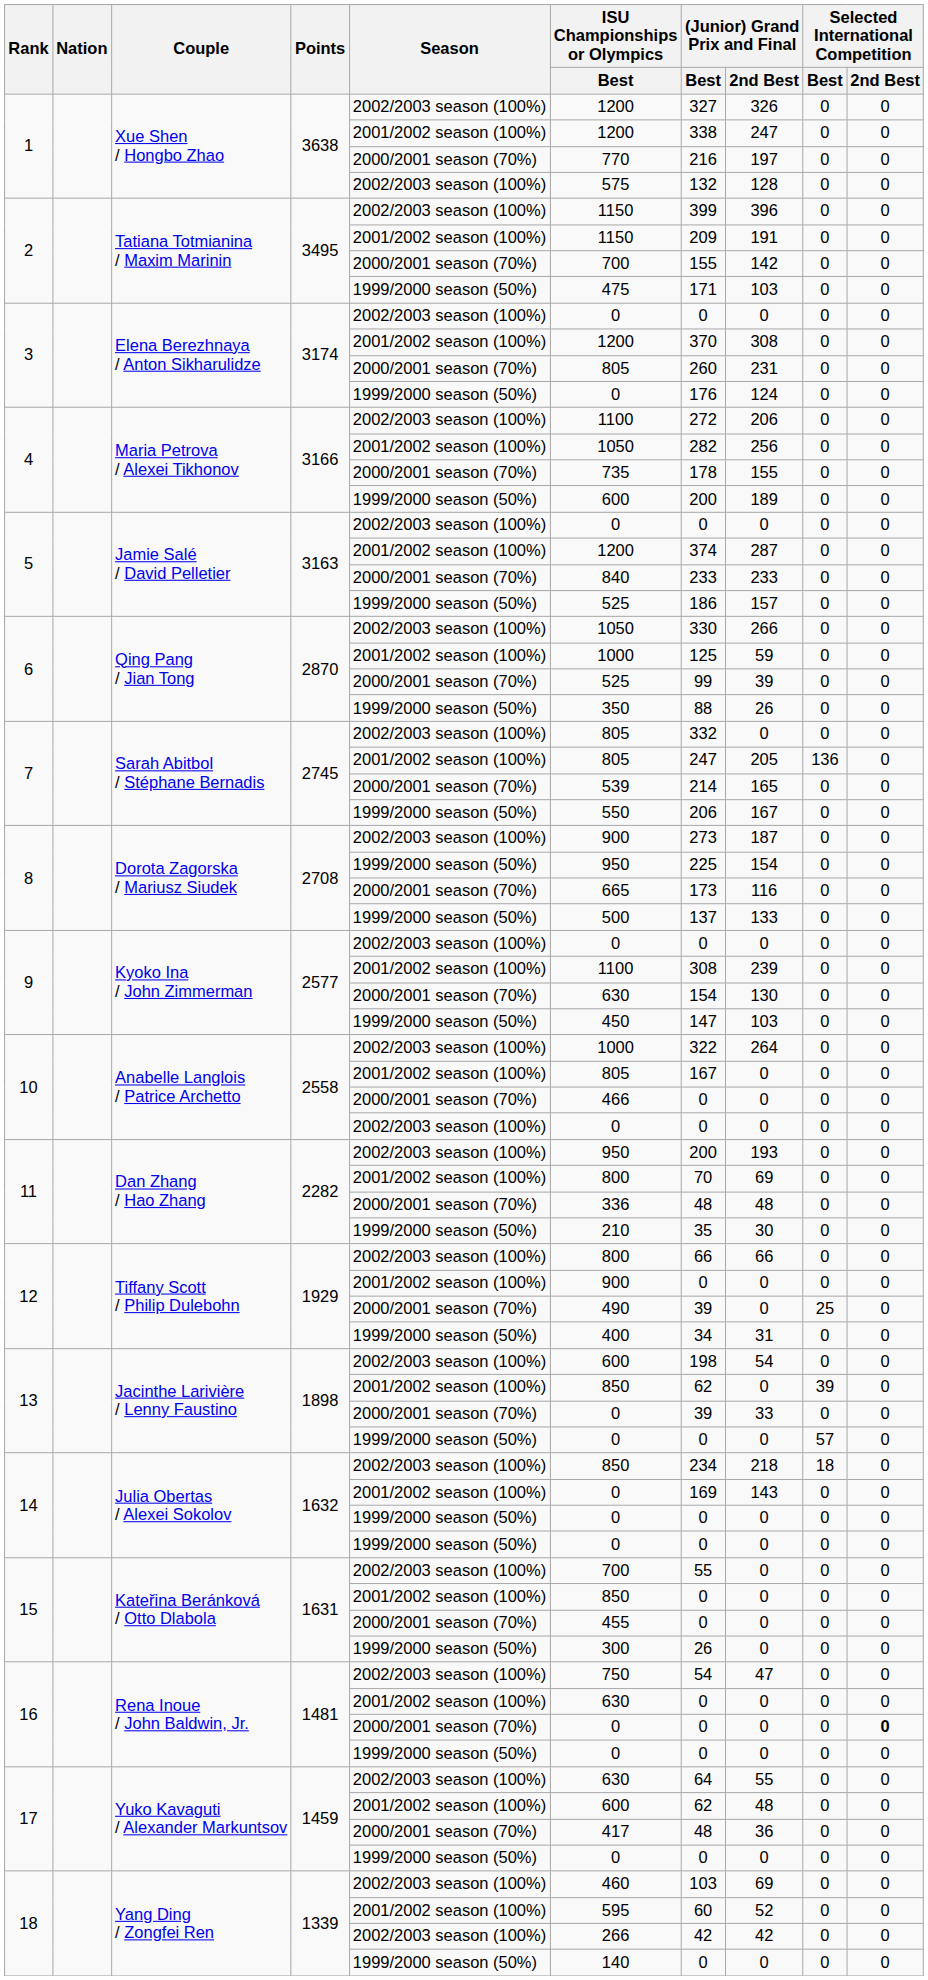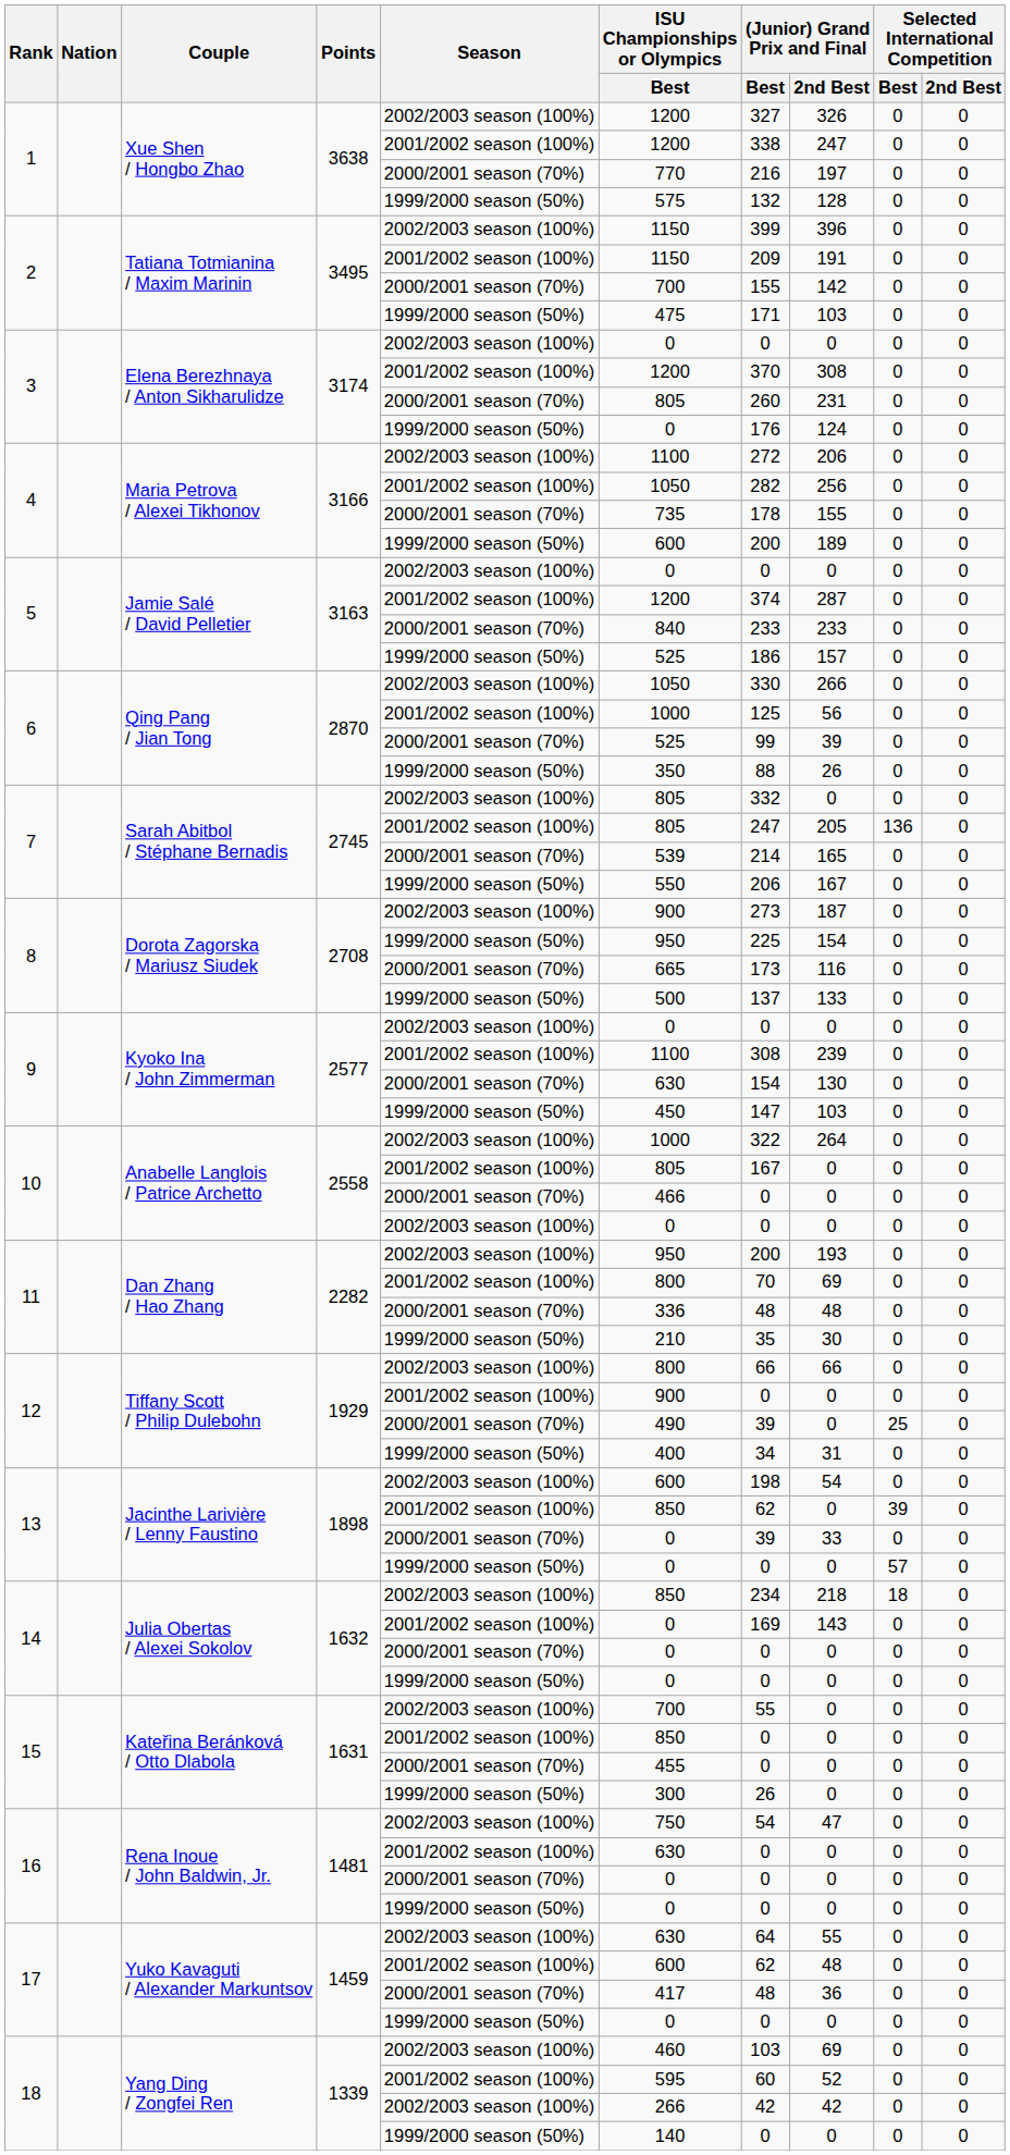 <table class="wikitable sortable" style="text-align: center;">
 <tr>
 <th rowspan="2">Rank</th>
 <th rowspan="2">Nation</th>
 <th rowspan="2">Couple</th>
 <th rowspan="2">Points</th>
 <th rowspan="2">Season</th>
 <th>ISU <br> Championships <br> or Olympics</th>
 <th colspan="2">(Junior) Grand <br> Prix and Final</th>
 <th colspan="2">Selected <br> International <br> Competition</th>
 </tr>
 <tr>
 <th>Best</th>
 <th>Best</th>
 <th>2nd Best</th>
 <th>Best</th>
 <th>2nd Best</th>
 </tr>
 <tr>
 <td rowspan="4">1</td>
 <td rowspan="4" style="text-align: left;"></td>
 <td rowspan="4" style="text-align: left;"><a href='#'>Xue Shen</a> <br>/ <a href='#'>Hongbo Zhao</a></td>
 <td rowspan="4">3638</td>
 <td style="text-align: left;">2002/2003 season (100%)</td>
 <td>1200</td>
 <td>327</td>
 <td>326</td>
 <td>0</td>
 <td>0</td>
 </tr>
 <tr>
 <td style="text-align: left;">2001/2002 season (100%)</td>
 <td>1200</td>
 <td>338</td>
 <td>247</td>
 <td>0</td>
 <td>0</td>
 </tr>
 <tr>
 <td style="text-align: left;">2000/2001 season (70%)</td>
 <td>770</td>
 <td>216</td>
 <td>197</td>
 <td>0</td>
 <td>0</td>
 </tr>
 <tr>
-<td style="text-align: left;">2002/2003 season (100%)</td>
+<td style="text-align: left;">1999/2000 season (50%)</td>
 <td>575</td>
 <td>132</td>
 <td>128</td>
 <td>0</td>
 <td>0</td>
 </tr>
 <tr>
 <td rowspan="4">2</td>
 <td rowspan="4" style="text-align: left;"></td>
 <td rowspan="4" style="text-align: left;"><a href='#'>Tatiana Totmianina</a> <br>/ <a href='#'>Maxim Marinin</a></td>
 <td rowspan="4">3495</td>
 <td style="text-align: left;">2002/2003 season (100%)</td>
 <td>1150</td>
 <td>399</td>
 <td>396</td>
 <td>0</td>
 <td>0</td>
 </tr>
 <tr>
 <td style="text-align: left;">2001/2002 season (100%)</td>
 <td>1150</td>
 <td>209</td>
 <td>191</td>
 <td>0</td>
 <td>0</td>
 </tr>
 <tr>
 <td style="text-align: left;">2000/2001 season (70%)</td>
 <td>700</td>
 <td>155</td>
 <td>142</td>
 <td>0</td>
 <td>0</td>
 </tr>
 <tr>
 <td style="text-align: left;">1999/2000 season (50%)</td>
 <td>475</td>
 <td>171</td>
 <td>103</td>
 <td>0</td>
 <td>0</td>
 </tr>
 <tr>
 <td rowspan="4">3</td>
 <td rowspan="4" style="text-align: left;"></td>
 <td rowspan="4" style="text-align: left;"><a href='#'>Elena Berezhnaya</a> <br>/ <a href='#'>Anton Sikharulidze</a></td>
 <td rowspan="4">3174</td>
 <td style="text-align: left;">2002/2003 season (100%)</td>
 <td>0</td>
 <td>0</td>
 <td>0</td>
 <td>0</td>
 <td>0</td>
 </tr>
 <tr>
 <td style="text-align: left;">2001/2002 season (100%)</td>
 <td>1200</td>
 <td>370</td>
 <td>308</td>
 <td>0</td>
 <td>0</td>
 </tr>
 <tr>
 <td style="text-align: left;">2000/2001 season (70%)</td>
 <td>805</td>
 <td>260</td>
 <td>231</td>
 <td>0</td>
 <td>0</td>
 </tr>
 <tr>
 <td style="text-align: left;">1999/2000 season (50%)</td>
 <td>0</td>
 <td>176</td>
 <td>124</td>
 <td>0</td>
 <td>0</td>
 </tr>
 <tr>
 <td rowspan="4">4</td>
 <td rowspan="4" style="text-align: left;"></td>
 <td rowspan="4" style="text-align: left;"><a href='#'>Maria Petrova</a> <br>/ <a href='#'>Alexei Tikhonov</a></td>
 <td rowspan="4">3166</td>
 <td style="text-align: left;">2002/2003 season (100%)</td>
 <td>1100</td>
 <td>272</td>
 <td>206</td>
 <td>0</td>
 <td>0</td>
 </tr>
 <tr>
 <td style="text-align: left;">2001/2002 season (100%)</td>
 <td>1050</td>
 <td>282</td>
 <td>256</td>
 <td>0</td>
 <td>0</td>
 </tr>
 <tr>
 <td style="text-align: left;">2000/2001 season (70%)</td>
 <td>735</td>
 <td>178</td>
 <td>155</td>
 <td>0</td>
 <td>0</td>
 </tr>
 <tr>
 <td style="text-align: left;">1999/2000 season (50%)</td>
 <td>600</td>
 <td>200</td>
 <td>189</td>
 <td>0</td>
 <td>0</td>
 </tr>
 <tr>
 <td rowspan="4">5</td>
 <td rowspan="4" style="text-align: left;"></td>
 <td rowspan="4" style="text-align: left;"><a href='#'>Jamie Salé</a> <br>/ <a href='#'>David Pelletier</a></td>
 <td rowspan="4">3163</td>
 <td style="text-align: left;">2002/2003 season (100%)</td>
 <td>0</td>
 <td>0</td>
 <td>0</td>
 <td>0</td>
 <td>0</td>
 </tr>
 <tr>
 <td style="text-align: left;">2001/2002 season (100%)</td>
 <td>1200</td>
 <td>374</td>
 <td>287</td>
 <td>0</td>
 <td>0</td>
 </tr>
 <tr>
 <td style="text-align: left;">2000/2001 season (70%)</td>
 <td>840</td>
 <td>233</td>
 <td>233</td>
 <td>0</td>
 <td>0</td>
 </tr>
 <tr>
 <td style="text-align: left;">1999/2000 season (50%)</td>
 <td>525</td>
 <td>186</td>
 <td>157</td>
 <td>0</td>
 <td>0</td>
 </tr>
 <tr>
 <td rowspan="4">6</td>
 <td rowspan="4" style="text-align: left;"></td>
 <td rowspan="4" style="text-align: left;"><a href='#'>Qing Pang</a> <br>/ <a href='#'>Jian Tong</a></td>
 <td rowspan="4">2870</td>
 <td style="text-align: left;">2002/2003 season (100%)</td>
 <td>1050</td>
 <td>330</td>
 <td>266</td>
 <td>0</td>
 <td>0</td>
 </tr>
 <tr>
 <td style="text-align: left;">2001/2002 season (100%)</td>
 <td>1000</td>
 <td>125</td>
-<td>59</td>
+<td>56</td>
 <td>0</td>
 <td>0</td>
 </tr>
 <tr>
 <td style="text-align: left;">2000/2001 season (70%)</td>
 <td>525</td>
 <td>99</td>
 <td>39</td>
 <td>0</td>
 <td>0</td>
 </tr>
 <tr>
 <td style="text-align: left;">1999/2000 season (50%)</td>
 <td>350</td>
 <td>88</td>
 <td>26</td>
 <td>0</td>
 <td>0</td>
 </tr>
 <tr>
 <td rowspan="4">7</td>
 <td rowspan="4" style="text-align: left;"></td>
 <td rowspan="4" style="text-align: left;"><a href='#'>Sarah Abitbol</a> <br>/ <a href='#'>Stéphane Bernadis</a></td>
 <td rowspan="4">2745</td>
 <td style="text-align: left;">2002/2003 season (100%)</td>
 <td>805</td>
 <td>332</td>
 <td>0</td>
 <td>0</td>
 <td>0</td>
 </tr>
 <tr>
 <td style="text-align: left;">2001/2002 season (100%)</td>
 <td>805</td>
 <td>247</td>
 <td>205</td>
 <td>136</td>
 <td>0</td>
 </tr>
 <tr>
 <td style="text-align: left;">2000/2001 season (70%)</td>
 <td>539</td>
 <td>214</td>
 <td>165</td>
 <td>0</td>
 <td>0</td>
 </tr>
 <tr>
 <td style="text-align: left;">1999/2000 season (50%)</td>
 <td>550</td>
 <td>206</td>
 <td>167</td>
 <td>0</td>
 <td>0</td>
 </tr>
 <tr>
 <td rowspan="4">8</td>
 <td rowspan="4" style="text-align: left;"></td>
 <td rowspan="4" style="text-align: left;"><a href='#'>Dorota Zagorska</a> <br>/ <a href='#'>Mariusz Siudek</a></td>
 <td rowspan="4">2708</td>
 <td style="text-align: left;">2002/2003 season (100%)</td>
 <td>900</td>
 <td>273</td>
 <td>187</td>
 <td>0</td>
 <td>0</td>
 </tr>
 <tr>
 <td style="text-align: left;">1999/2000 season (50%)</td>
 <td>950</td>
 <td>225</td>
 <td>154</td>
 <td>0</td>
 <td>0</td>
 </tr>
 <tr>
 <td style="text-align: left;">2000/2001 season (70%)</td>
 <td>665</td>
 <td>173</td>
 <td>116</td>
 <td>0</td>
 <td>0</td>
 </tr>
 <tr>
 <td style="text-align: left;">1999/2000 season (50%)</td>
 <td>500</td>
 <td>137</td>
 <td>133</td>
 <td>0</td>
 <td>0</td>
 </tr>
 <tr>
 <td rowspan="4">9</td>
 <td rowspan="4" style="text-align: left;"></td>
 <td rowspan="4" style="text-align: left;"><a href='#'>Kyoko Ina</a> <br>/ <a href='#'>John Zimmerman</a></td>
 <td rowspan="4">2577</td>
 <td style="text-align: left;">2002/2003 season (100%)</td>
 <td>0</td>
 <td>0</td>
 <td>0</td>
 <td>0</td>
 <td>0</td>
 </tr>
 <tr>
 <td style="text-align: left;">2001/2002 season (100%)</td>
 <td>1100</td>
 <td>308</td>
 <td>239</td>
 <td>0</td>
 <td>0</td>
 </tr>
 <tr>
 <td style="text-align: left;">2000/2001 season (70%)</td>
 <td>630</td>
 <td>154</td>
 <td>130</td>
 <td>0</td>
 <td>0</td>
 </tr>
 <tr>
 <td style="text-align: left;">1999/2000 season (50%)</td>
 <td>450</td>
 <td>147</td>
 <td>103</td>
 <td>0</td>
 <td>0</td>
 </tr>
 <tr>
 <td rowspan="4">10</td>
 <td rowspan="4" style="text-align: left;"></td>
 <td rowspan="4" style="text-align: left;"><a href='#'>Anabelle Langlois</a> <br>/ <a href='#'>Patrice Archetto</a></td>
 <td rowspan="4">2558</td>
 <td style="text-align: left;">2002/2003 season (100%)</td>
 <td>1000</td>
 <td>322</td>
 <td>264</td>
 <td>0</td>
 <td>0</td>
 </tr>
 <tr>
 <td style="text-align: left;">2001/2002 season (100%)</td>
 <td>805</td>
 <td>167</td>
 <td>0</td>
 <td>0</td>
 <td>0</td>
 </tr>
 <tr>
 <td style="text-align: left;">2000/2001 season (70%)</td>
 <td>466</td>
 <td>0</td>
 <td>0</td>
 <td>0</td>
 <td>0</td>
 </tr>
 <tr>
 <td style="text-align: left;">2002/2003 season (100%)</td>
 <td>0</td>
 <td>0</td>
 <td>0</td>
 <td>0</td>
 <td>0</td>
 </tr>
 <tr>
 <td rowspan="4">11</td>
 <td rowspan="4" style="text-align: left;"></td>
 <td rowspan="4" style="text-align: left;"><a href='#'>Dan Zhang</a> <br>/ <a href='#'>Hao Zhang</a></td>
 <td rowspan="4">2282</td>
 <td style="text-align: left;">2002/2003 season (100%)</td>
 <td>950</td>
 <td>200</td>
 <td>193</td>
 <td>0</td>
 <td>0</td>
 </tr>
 <tr>
 <td style="text-align: left;">2001/2002 season (100%)</td>
 <td>800</td>
 <td>70</td>
 <td>69</td>
 <td>0</td>
 <td>0</td>
 </tr>
 <tr>
 <td style="text-align: left;">2000/2001 season (70%)</td>
 <td>336</td>
 <td>48</td>
 <td>48</td>
 <td>0</td>
 <td>0</td>
 </tr>
 <tr>
 <td style="text-align: left;">1999/2000 season (50%)</td>
 <td>210</td>
 <td>35</td>
 <td>30</td>
 <td>0</td>
 <td>0</td>
 </tr>
 <tr>
 <td rowspan="4">12</td>
 <td rowspan="4" style="text-align: left;"></td>
 <td rowspan="4" style="text-align: left;"><a href='#'>Tiffany Scott</a> <br>/ <a href='#'>Philip Dulebohn</a></td>
 <td rowspan="4">1929</td>
 <td style="text-align: left;">2002/2003 season (100%)</td>
 <td>800</td>
 <td>66</td>
 <td>66</td>
 <td>0</td>
 <td>0</td>
 </tr>
 <tr>
 <td style="text-align: left;">2001/2002 season (100%)</td>
 <td>900</td>
 <td>0</td>
 <td>0</td>
 <td>0</td>
 <td>0</td>
 </tr>
 <tr>
 <td style="text-align: left;">2000/2001 season (70%)</td>
 <td>490</td>
 <td>39</td>
 <td>0</td>
 <td>25</td>
 <td>0</td>
 </tr>
 <tr>
 <td style="text-align: left;">1999/2000 season (50%)</td>
 <td>400</td>
 <td>34</td>
 <td>31</td>
 <td>0</td>
 <td>0</td>
 </tr>
 <tr>
 <td rowspan="4">13</td>
 <td rowspan="4" style="text-align: left;"></td>
 <td rowspan="4" style="text-align: left;"><a href='#'>Jacinthe Larivière</a> <br>/ <a href='#'>Lenny Faustino</a></td>
 <td rowspan="4">1898</td>
 <td style="text-align: left;">2002/2003 season (100%)</td>
 <td>600</td>
 <td>198</td>
 <td>54</td>
 <td>0</td>
 <td>0</td>
 </tr>
 <tr>
 <td style="text-align: left;">2001/2002 season (100%)</td>
 <td>850</td>
 <td>62</td>
 <td>0</td>
 <td>39</td>
 <td>0</td>
 </tr>
 <tr>
 <td style="text-align: left;">2000/2001 season (70%)</td>
 <td>0</td>
 <td>39</td>
 <td>33</td>
 <td>0</td>
 <td>0</td>
 </tr>
 <tr>
 <td style="text-align: left;">1999/2000 season (50%)</td>
 <td>0</td>
 <td>0</td>
 <td>0</td>
 <td>57</td>
 <td>0</td>
 </tr>
 <tr>
 <td rowspan="4">14</td>
 <td rowspan="4" style="text-align: left;"></td>
 <td rowspan="4" style="text-align: left;"><a href='#'>Julia Obertas</a> <br>/ <a href='#'>Alexei Sokolov</a></td>
 <td rowspan="4">1632</td>
 <td style="text-align: left;">2002/2003 season (100%)</td>
 <td>850</td>
 <td>234</td>
 <td>218</td>
 <td>18</td>
 <td>0</td>
 </tr>
 <tr>
 <td style="text-align: left;">2001/2002 season (100%)</td>
 <td>0</td>
 <td>169</td>
 <td>143</td>
 <td>0</td>
 <td>0</td>
 </tr>
 <tr>
-<td style="text-align: left;">1999/2000 season (50%)</td>
+<td style="text-align: left;">2000/2001 season (70%)</td>
 <td>0</td>
 <td>0</td>
 <td>0</td>
 <td>0</td>
 <td>0</td>
 </tr>
 <tr>
 <td style="text-align: left;">1999/2000 season (50%)</td>
 <td>0</td>
 <td>0</td>
 <td>0</td>
 <td>0</td>
 <td>0</td>
 </tr>
 <tr>
 <td rowspan="4">15</td>
 <td rowspan="4" style="text-align: left;"></td>
 <td rowspan="4" style="text-align: left;"><a href='#'>Kateřina Beránková</a> <br>/ <a href='#'>Otto Dlabola</a></td>
 <td rowspan="4">1631</td>
 <td style="text-align: left;">2002/2003 season (100%)</td>
 <td>700</td>
 <td>55</td>
 <td>0</td>
 <td>0</td>
 <td>0</td>
 </tr>
 <tr>
 <td style="text-align: left;">2001/2002 season (100%)</td>
 <td>850</td>
 <td>0</td>
 <td>0</td>
 <td>0</td>
 <td>0</td>
 </tr>
 <tr>
 <td style="text-align: left;">2000/2001 season (70%)</td>
 <td>455</td>
 <td>0</td>
 <td>0</td>
 <td>0</td>
 <td>0</td>
 </tr>
 <tr>
 <td style="text-align: left;">1999/2000 season (50%)</td>
 <td>300</td>
 <td>26</td>
 <td>0</td>
 <td>0</td>
 <td>0</td>
 </tr>
 <tr>
 <td rowspan="4">16</td>
 <td rowspan="4" style="text-align: left;"></td>
 <td rowspan="4" style="text-align: left;"><a href='#'>Rena Inoue</a> <br>/ <a href='#'>John Baldwin, Jr.</a></td>
 <td rowspan="4">1481</td>
 <td style="text-align: left;">2002/2003 season (100%)</td>
 <td>750</td>
 <td>54</td>
 <td>47</td>
 <td>0</td>
 <td>0</td>
 </tr>
 <tr>
 <td style="text-align: left;">2001/2002 season (100%)</td>
 <td>630</td>
 <td>0</td>
 <td>0</td>
 <td>0</td>
 <td>0</td>
 </tr>
 <tr>
 <td style="text-align: left;">2000/2001 season (70%)</td>
 <td>0</td>
 <td>0</td>
 <td>0</td>
 <td>0</td>
-<td><strong>0</strong></td>
+<td>0</td>
 </tr>
 <tr>
 <td style="text-align: left;">1999/2000 season (50%)</td>
 <td>0</td>
 <td>0</td>
 <td>0</td>
 <td>0</td>
 <td>0</td>
 </tr>
 <tr>
 <td rowspan="4">17</td>
 <td rowspan="4" style="text-align: left;"></td>
 <td rowspan="4" style="text-align: left;"><a href='#'>Yuko Kavaguti</a> <br>/ <a href='#'>Alexander Markuntsov</a></td>
 <td rowspan="4">1459</td>
 <td style="text-align: left;">2002/2003 season (100%)</td>
 <td>630</td>
 <td>64</td>
 <td>55</td>
 <td>0</td>
 <td>0</td>
 </tr>
 <tr>
 <td style="text-align: left;">2001/2002 season (100%)</td>
 <td>600</td>
 <td>62</td>
 <td>48</td>
 <td>0</td>
 <td>0</td>
 </tr>
 <tr>
 <td style="text-align: left;">2000/2001 season (70%)</td>
 <td>417</td>
 <td>48</td>
 <td>36</td>
 <td>0</td>
 <td>0</td>
 </tr>
 <tr>
 <td style="text-align: left;">1999/2000 season (50%)</td>
 <td>0</td>
 <td>0</td>
 <td>0</td>
 <td>0</td>
 <td>0</td>
 </tr>
 <tr>
 <td rowspan="4">18</td>
 <td rowspan="4" style="text-align: left;"></td>
 <td rowspan="4" style="text-align: left;"><a href='#'>Yang Ding</a> <br>/ <a href='#'>Zongfei Ren</a></td>
 <td rowspan="4">1339</td>
 <td style="text-align: left;">2002/2003 season (100%)</td>
 <td>460</td>
 <td>103</td>
 <td>69</td>
 <td>0</td>
 <td>0</td>
 </tr>
 <tr>
 <td style="text-align: left;">2001/2002 season (100%)</td>
 <td>595</td>
 <td>60</td>
 <td>52</td>
 <td>0</td>
 <td>0</td>
 </tr>
 <tr>
 <td style="text-align: left;">2002/2003 season (100%)</td>
 <td>266</td>
 <td>42</td>
 <td>42</td>
 <td>0</td>
 <td>0</td>
 </tr>
 <tr>
 <td style="text-align: left;">1999/2000 season (50%)</td>
 <td>140</td>
 <td>0</td>
 <td>0</td>
 <td>0</td>
 <td>0</td>
 </tr>
 </table>
